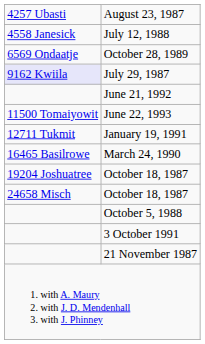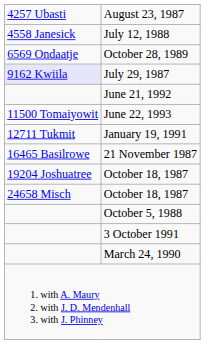 <table class="wikitable floatright" style="font-size: 0.9em;">
 <tr>
 <td><a href='#'>4257 Ubasti</a></td>
 <td>August 23, 1987</td>
 </tr>
 <tr>
 <td><a href='#'>4558 Janesick</a></td>
 <td>July 12, 1988</td>
 </tr>
 <tr>
 <td><a href='#'>6569 Ondaatje</a></td>
 <td>October 28, 1989</td>
 </tr>
 <tr>
 <td style="background: lavender;"><a href='#'>9162 Kwiila</a></td>
 <td>July 29, 1987</td>
 </tr>
 <tr>
 <td></td>
 <td>June 21, 1992</td>
 </tr>
 <tr>
 <td><a href='#'>11500 Tomaiyowit</a></td>
 <td>June 22, 1993</td>
 </tr>
 <tr>
 <td><a href='#'>12711 Tukmit</a></td>
 <td>January 19, 1991</td>
 </tr>
 <tr>
 <td><a href='#'>16465 Basilrowe</a></td>
-<td>March 24, 1990</td>
+<td>21 November 1987</td>
 </tr>
 <tr>
 <td><a href='#'>19204 Joshuatree</a></td>
 <td>October 18, 1987</td>
 </tr>
 <tr>
 <td><a href='#'>24658 Misch</a></td>
 <td>October 18, 1987</td>
 </tr>
 <tr>
 <td></td>
 <td>October 5, 1988</td>
 </tr>
 <tr>
 <td></td>
 <td>3 October 1991</td>
 </tr>
 <tr>
 <td></td>
-<td>21 November 1987</td>
+<td>March 24, 1990</td>
 </tr>
 <tr>
 <td colspan=2 style="font-size: smaller;"><br><ol><li> with <a href='#'>A. Maury</a></li><li> with <a href='#'>J. D. Mendenhall</a></li><li> with <a href='#'>J. Phinney</a></li></ol></td>
 </tr>
 </table>
